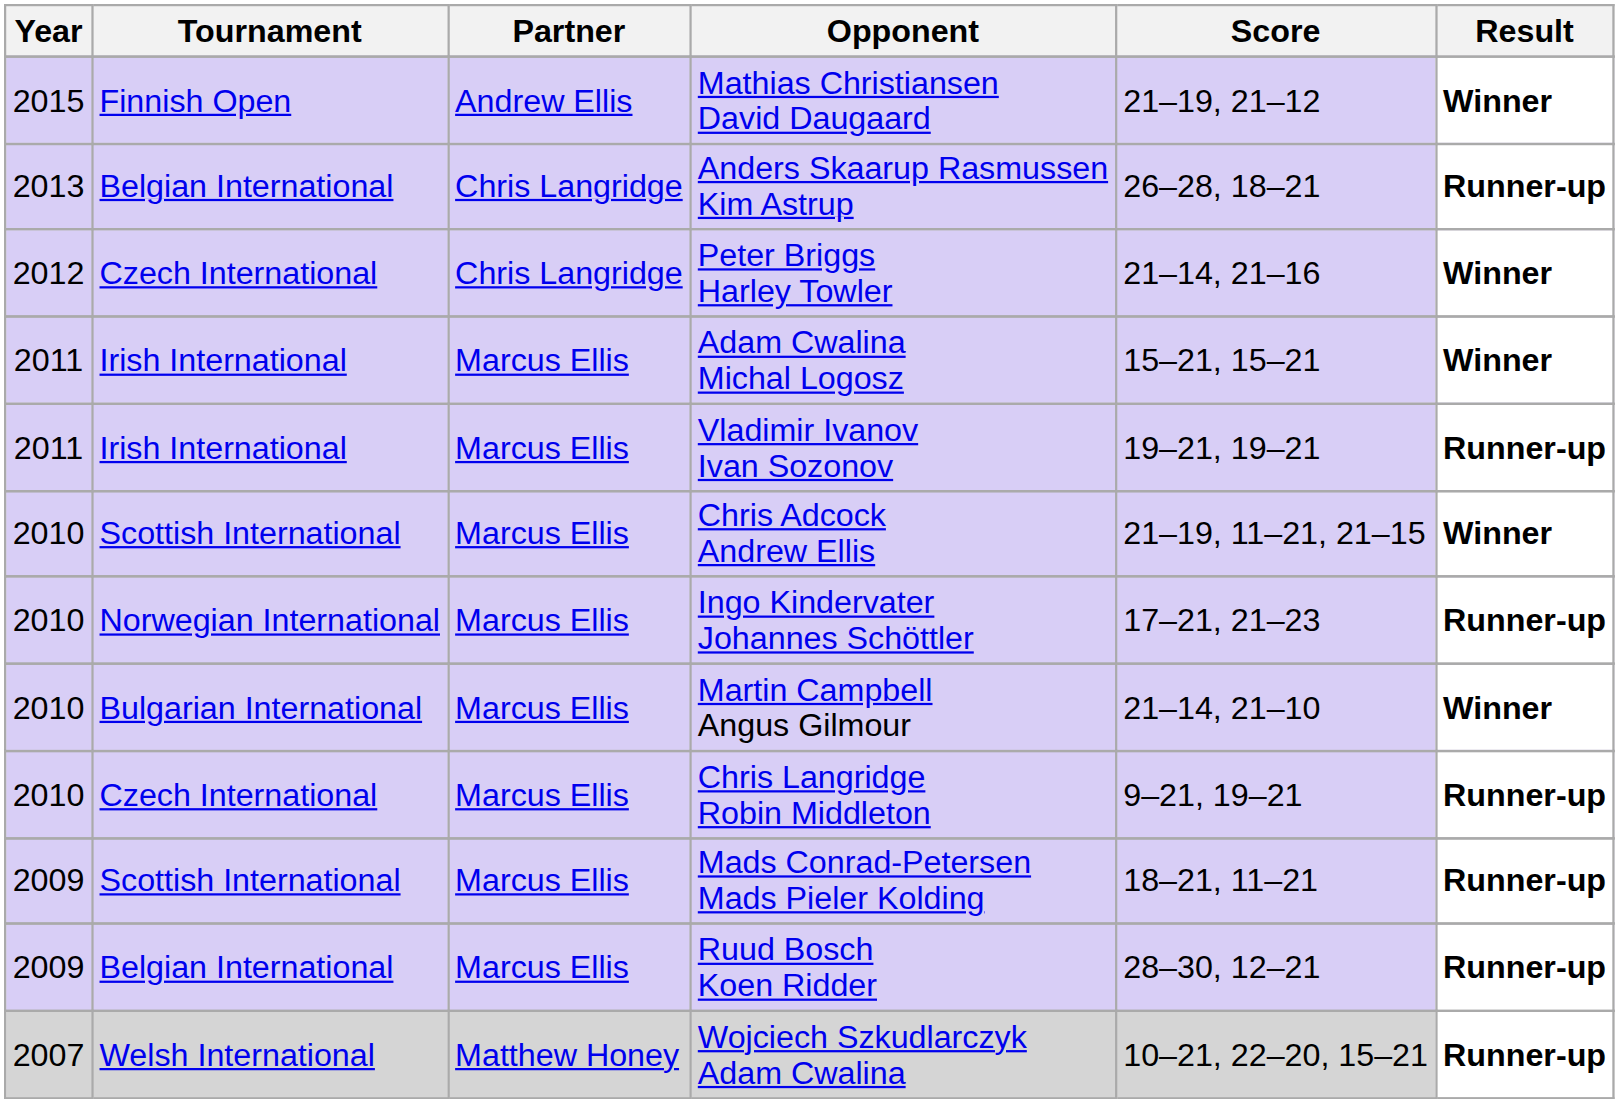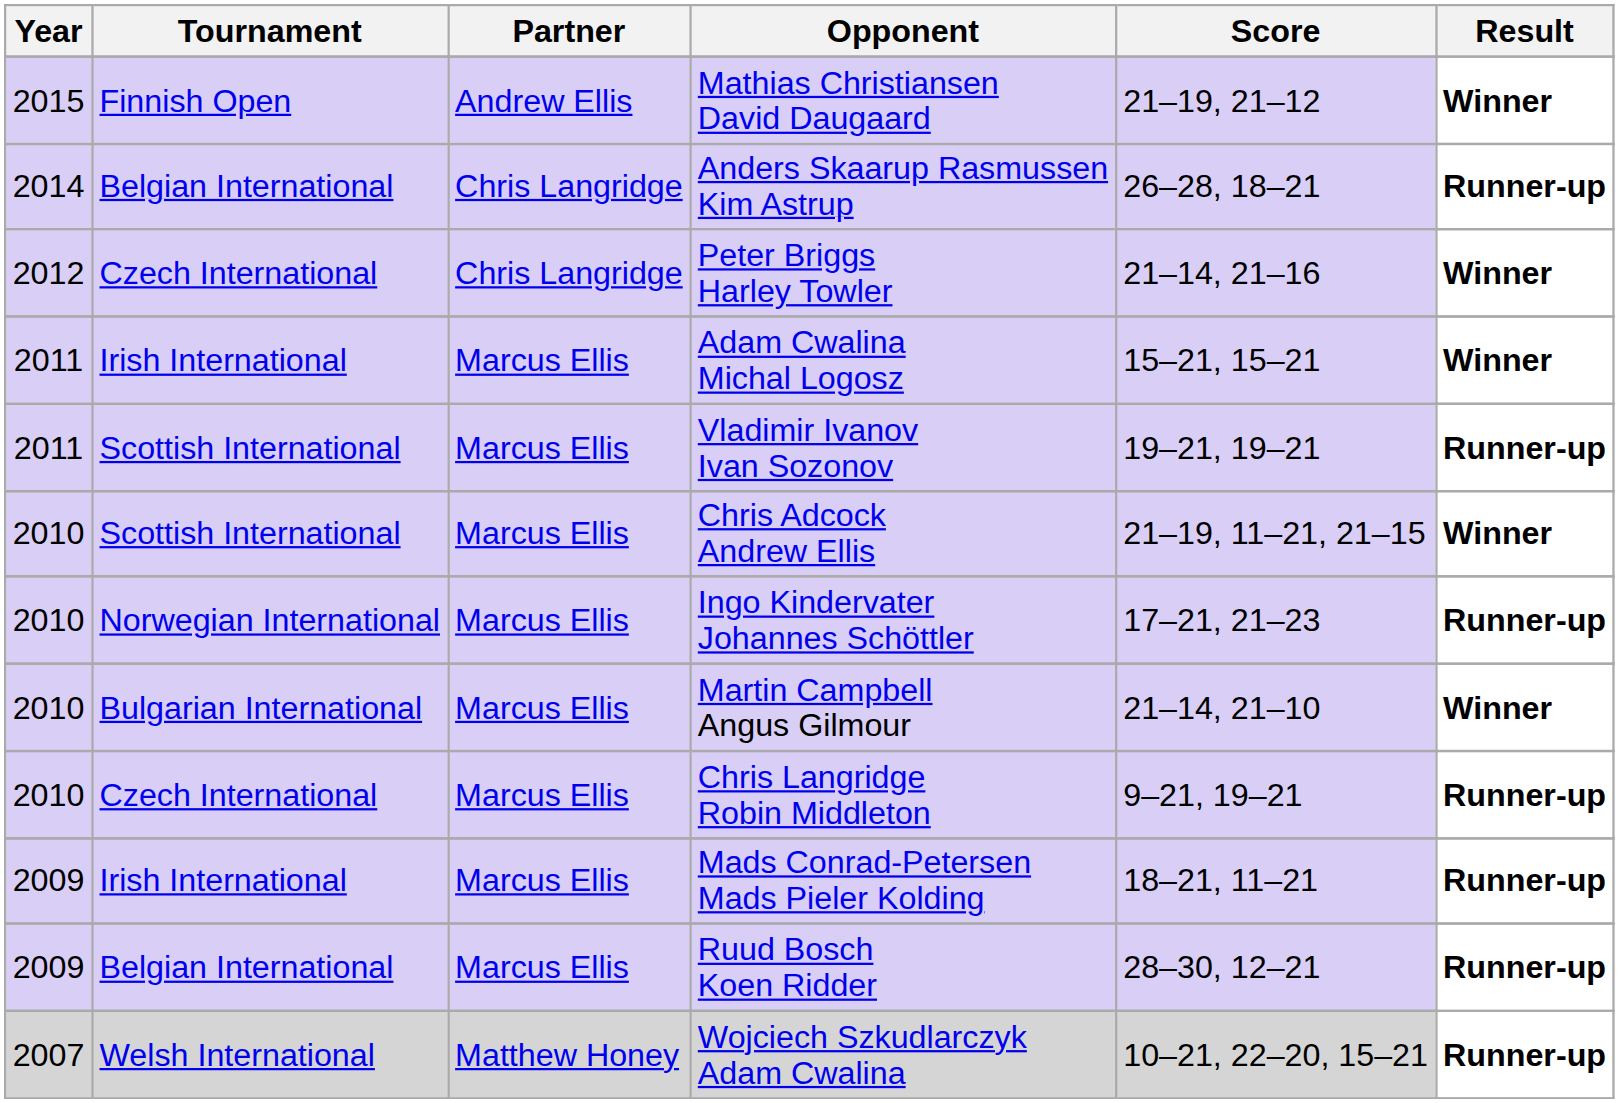 <table class="sortable wikitable" style="font-size: 90%;">
 <tr>
 <th>Year</th>
 <th>Tournament</th>
 <th>Partner</th>
 <th>Opponent</th>
 <th>Score</th>
 <th>Result</th>
 </tr>
 <tr>
 </tr>
 <tr style="background:#D8CEF6">
 <td align="center">2015</td>
 <td align="left"><a href='#'>Finnish Open</a></td>
 <td align="left"> <a href='#'>Andrew Ellis</a></td>
 <td align="left"> <a href='#'>Mathias Christiansen</a><br> <a href='#'>David Daugaard</a></td>
 <td align="left">21–19, 21–12</td>
 <td style="text-align:left; background:white"> <strong>Winner</strong></td>
 </tr>
 <tr>
 </tr>
 <tr style="background:#D8CEF6">
-<td align="center">2013</td>
+<td align="center">2014</td>
 <td align="left"><a href='#'>Belgian International</a></td>
 <td align="left"> <a href='#'>Chris Langridge</a></td>
 <td align="left"> <a href='#'>Anders Skaarup Rasmussen</a><br> <a href='#'>Kim Astrup</a></td>
 <td align="left">26–28, 18–21</td>
 <td style="text-align:left; background:white"> <strong>Runner-up</strong></td>
 </tr>
 <tr>
 </tr>
 <tr style="background:#D8CEF6">
 <td align="center">2012</td>
 <td align="left"><a href='#'>Czech International</a></td>
 <td align="left"> <a href='#'>Chris Langridge</a></td>
 <td align="left"> <a href='#'>Peter Briggs</a><br> <a href='#'>Harley Towler</a></td>
 <td align="left">21–14, 21–16</td>
 <td style="text-align:left; background:white"> <strong>Winner</strong></td>
 </tr>
 <tr>
 </tr>
 <tr style="background:#D8CEF6">
 <td align="center">2011</td>
 <td align="left"><a href='#'>Irish International</a></td>
 <td align="left"> <a href='#'>Marcus Ellis</a></td>
 <td align="left"> <a href='#'>Adam Cwalina</a><br> <a href='#'>Michal Logosz</a></td>
 <td align="left">15–21, 15–21</td>
 <td style="text-align:left; background:white"> <strong>Winner</strong></td>
 </tr>
 <tr>
 </tr>
 <tr style="background:#D8CEF6">
 <td align="center">2011</td>
-<td align="left"><a href='#'>Irish International</a></td>
+<td align="left"><a href='#'>Scottish International</a></td>
 <td align="left"> <a href='#'>Marcus Ellis</a></td>
 <td align="left"> <a href='#'>Vladimir Ivanov</a><br> <a href='#'>Ivan Sozonov</a></td>
 <td align="left">19–21, 19–21</td>
 <td style="text-align:left; background:white"> <strong>Runner-up</strong></td>
 </tr>
 <tr>
 </tr>
 <tr style="background:#D8CEF6">
 <td align="center">2010</td>
 <td align="left"><a href='#'>Scottish International</a></td>
 <td align="left"> <a href='#'>Marcus Ellis</a></td>
 <td align="left"> <a href='#'>Chris Adcock</a><br> <a href='#'>Andrew Ellis</a></td>
 <td align="left">21–19, 11–21, 21–15</td>
 <td style="text-align:left; background:white"> <strong>Winner</strong></td>
 </tr>
 <tr>
 </tr>
 <tr style="background:#D8CEF6">
 <td align="center">2010</td>
 <td align="left"><a href='#'>Norwegian International</a></td>
 <td align="left"> <a href='#'>Marcus Ellis</a></td>
 <td align="left"> <a href='#'>Ingo Kindervater</a><br> <a href='#'>Johannes Schöttler</a></td>
 <td align="left">17–21, 21–23</td>
 <td style="text-align:left; background:white"> <strong>Runner-up</strong></td>
 </tr>
 <tr>
 </tr>
 <tr style="background:#D8CEF6">
 <td align="center">2010</td>
 <td align="left"><a href='#'>Bulgarian International</a></td>
 <td align="left"> <a href='#'>Marcus Ellis</a></td>
 <td align="left"> <a href='#'>Martin Campbell</a><br> Angus Gilmour</td>
 <td align="left">21–14, 21–10</td>
 <td style="text-align:left; background:white"> <strong>Winner</strong></td>
 </tr>
 <tr>
 </tr>
 <tr style="background:#D8CEF6">
 <td align="center">2010</td>
 <td align="left"><a href='#'>Czech International</a></td>
 <td align="left"> <a href='#'>Marcus Ellis</a></td>
 <td align="left"> <a href='#'>Chris Langridge</a><br> <a href='#'>Robin Middleton</a></td>
 <td align="left">9–21, 19–21</td>
 <td style="text-align:left; background:white"> <strong>Runner-up</strong></td>
 </tr>
 <tr>
 </tr>
 <tr style="background:#D8CEF6">
 <td align="center">2009</td>
-<td align="left"><a href='#'>Scottish International</a></td>
+<td align="left"><a href='#'>Irish International</a></td>
 <td align="left"> <a href='#'>Marcus Ellis</a></td>
 <td align="left"> <a href='#'>Mads Conrad-Petersen</a> <br>  <a href='#'>Mads Pieler Kolding</a></td>
 <td align="left">18–21, 11–21</td>
 <td style="text-align:left; background:white"> <strong>Runner-up</strong></td>
 </tr>
 <tr>
 </tr>
 <tr style="background:#D8CEF6">
 <td align="center">2009</td>
 <td align="left"><a href='#'>Belgian International</a></td>
 <td align="left"> <a href='#'>Marcus Ellis</a></td>
 <td align="left"> <a href='#'>Ruud Bosch</a><br> <a href='#'>Koen Ridder</a></td>
 <td align="left">28–30, 12–21</td>
 <td style="text-align:left; background:white"> <strong>Runner-up</strong></td>
 </tr>
 <tr>
 </tr>
 <tr style="background:#D5D5D5">
 <td align="center">2007</td>
 <td align="left"><a href='#'>Welsh International</a></td>
 <td align="left"> <a href='#'>Matthew Honey</a></td>
 <td align="left"> <a href='#'>Wojciech Szkudlarczyk</a><br> <a href='#'>Adam Cwalina</a></td>
 <td align="left">10–21, 22–20, 15–21</td>
 <td style="text-align:left; background:white"> <strong>Runner-up</strong></td>
 </tr>
 </table>
